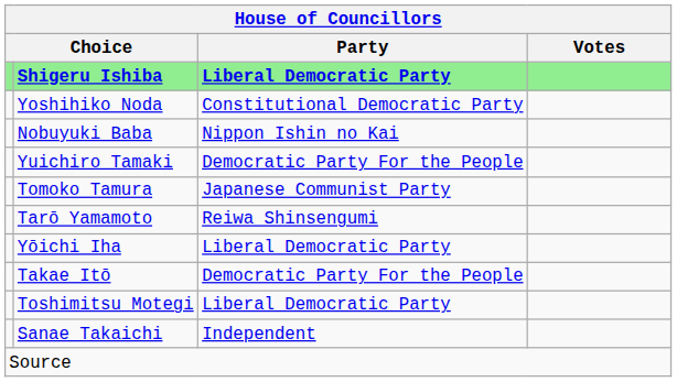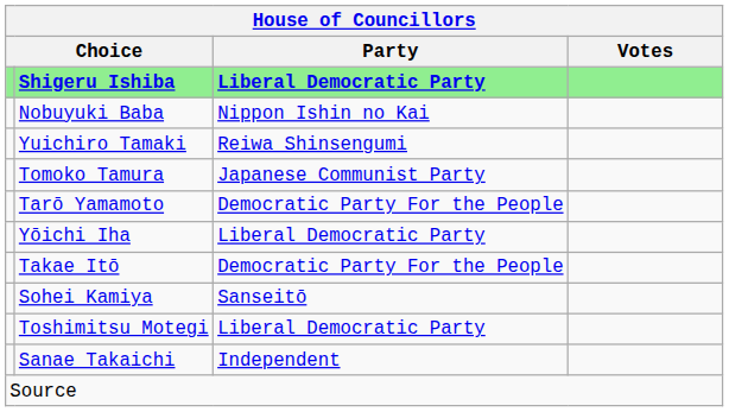 <table class="wikitable" style="font-size:98%;">
 <tr>
 <th colspan="4"><a href='#'>House of Councillors</a></th>
 </tr>
 <tr>
 <th align="left" colspan="2" width="100">Choice</th>
 <th>Party</th>
 <th width="100">Votes</th>
 </tr>
 <tr style="background:lightgreen;">
 <td style="color:inherit;background:"></td>
 <td style="text-align:left;"><strong><a href='#'>Shigeru Ishiba</a></strong></td>
 <td style="text-align:left;"><strong><a href='#'>Liberal Democratic Party</a></strong></td>
 <td><strong></strong></td>
 </tr>
 <tr>
 <td style="color:inherit;background:"></td>
-<td style="text-align:left;"><a href='#'>Yoshihiko Noda</a></td>
-<td style="text-align:left;"><a href='#'>Constitutional Democratic Party</a></td>
-<td></td>
-</tr>
-<tr>
-<td style="color:inherit;background:"></td>
 <td style="text-align:left;"><a href='#'>Nobuyuki Baba</a></td>
 <td style="text-align:left;"><a href='#'>Nippon Ishin no Kai</a></td>
 <td></td>
 </tr>
 <tr>
 <td style="color:inherit;background:"></td>
 <td style="text-align:left;"><a href='#'>Yuichiro Tamaki</a></td>
-<td style="text-align:left;"><a href='#'>Democratic Party For the People</a></td>
+<td style="text-align:left;"><a href='#'>Reiwa Shinsengumi</a></td>
 <td></td>
 </tr>
 <tr>
 <td style="color:inherit;background:"></td>
 <td style="text-align:left;"><a href='#'>Tomoko Tamura</a></td>
 <td style="text-align:left;"><a href='#'>Japanese Communist Party</a></td>
 <td></td>
 </tr>
 <tr>
 <td style="color:inherit;background:"></td>
 <td style="text-align:left;"><a href='#'>Tarō Yamamoto</a></td>
-<td style="text-align:left;"><a href='#'>Reiwa Shinsengumi</a></td>
+<td style="text-align:left;"><a href='#'>Democratic Party For the People</a></td>
 <td></td>
 </tr>
 <tr>
 <td style="color:inherit;background:"></td>
 <td style="text-align:left;"><a href='#'>Yōichi Iha</a></td>
 <td style="text-align:left;"><a href='#'>Liberal Democratic Party</a></td>
 <td></td>
 </tr>
 <tr>
 <td style="color:inherit;background:"></td>
 <td style="text-align:left;"><a href='#'>Takae Itō</a></td>
 <td style="text-align:left;"><a href='#'>Democratic Party For the People</a></td>
+<td></td>
+</tr>
+<tr>
+<td style="color:inherit;background:"></td>
+<td style="text-align:left;"><a href='#'>Sohei Kamiya</a></td>
+<td style="text-align:left;"><a href='#'>Sanseitō</a></td>
 <td></td>
 </tr>
 <tr>
 <td style="color:inherit;background:"></td>
 <td style="text-align:left;"><a href='#'>Toshimitsu Motegi</a></td>
 <td style="text-align:left;"><a href='#'>Liberal Democratic Party</a></td>
 <td></td>
 </tr>
 <tr>
 <td style="color:inherit;background:"></td>
 <td style="text-align:left;"><a href='#'>Sanae Takaichi</a></td>
 <td style="text-align:left;"><a href='#'>Independent</a></td>
 <td></td>
 </tr>
 <tr>
 <td colspan=4>Source</td>
 </tr>
 </table>
